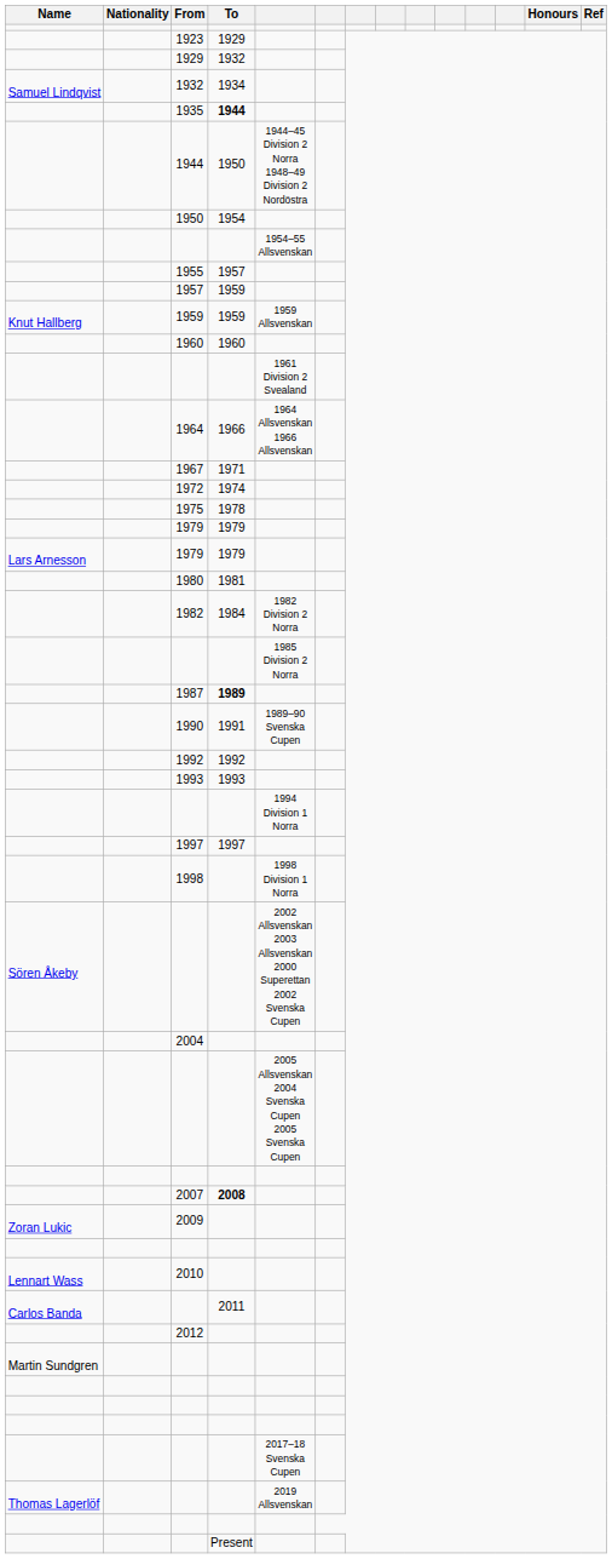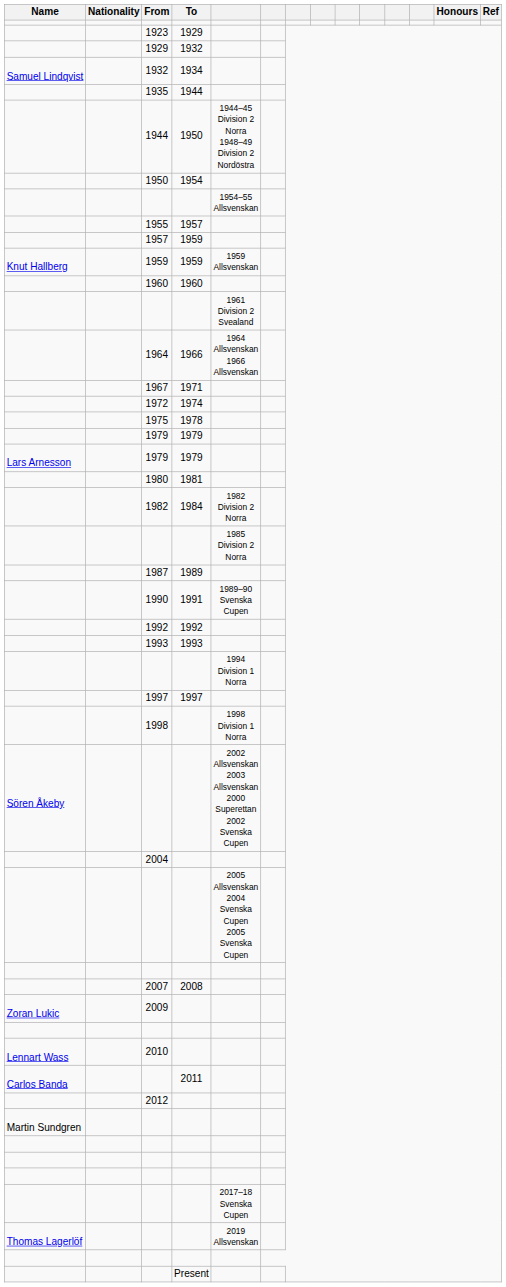 <table class="wikitable plainrowheaders sortable" style="text-align:center;">
 <tr>
 <th>Name</th>
 <th>Nationality</th>
 <th>From</th>
 <th>To</th>
 <th style="width:2em"></th>
 <th style="width:2em"></th>
 <th style="width:2em"></th>
 <th style="width:2em"></th>
 <th style="width:2em"></th>
 <th style="width:2em"></th>
 <th style="width:2em"></th>
 <th style="width:2em"></th>
 <th>Honours</th>
 <th class=unsortable>Ref</th>
 </tr>
 <tr>
 <td align=left></td>
 <td align=left></td>
 <td></td>
 <td></td>
 <td></td>
 <td></td>
 <td></td>
 <td></td>
 <td></td>
 <td></td>
 <td></td>
 <td></td>
 <td></td>
 <td></td>
 </tr>
 <tr>
 <td align=left></td>
 <td align=left></td>
 <td>1923</td>
 <td>1929<br></td>
 <td></td>
 <td></td>
 </tr>
 <tr>
 <td align=left></td>
 <td align=left></td>
 <td>1929</td>
 <td>1932<br></td>
 <td></td>
 <td></td>
 </tr>
 <tr>
 <td align=left><br><a href='#'>Samuel Lindqvist</a></td>
 <td align=left><br></td>
 <td>1932</td>
 <td>1934<br></td>
 <td></td>
 <td></td>
 </tr>
 <tr>
 <td align=left></td>
 <td align=left></td>
 <td>1935</td>
-<td><strong>1944<br></strong></td>
+<td>1944<br></td>
 <td></td>
 <td></td>
 </tr>
 <tr>
 <td align=left></td>
 <td align=left></td>
 <td>1944</td>
 <td>1950<br></td>
 <td><small>1944–45 Division 2 Norra<br>1948–49 Division 2 Nordöstra</small></td>
 <td></td>
 </tr>
 <tr>
 <td align=left></td>
 <td align=left></td>
 <td>1950</td>
 <td>1954<br></td>
 <td></td>
 <td></td>
 </tr>
 <tr>
 <td align=left></td>
 <td align=left></td>
 <td></td>
 <td><br></td>
 <td><small>1954–55 Allsvenskan</small></td>
 <td></td>
 </tr>
 <tr>
 <td align=left></td>
 <td align=left></td>
 <td>1955</td>
 <td>1957<br></td>
 <td></td>
 <td></td>
 </tr>
 <tr>
 <td align=left></td>
 <td align=left></td>
 <td>1957</td>
 <td>1959<br></td>
 <td></td>
 <td></td>
 </tr>
 <tr>
 <td align=left><br><a href='#'>Knut Hallberg</a></td>
 <td align=left><br></td>
 <td>1959</td>
 <td>1959<br></td>
 <td><small>1959 Allsvenskan</small></td>
 <td></td>
 </tr>
 <tr>
 <td align=left></td>
 <td align=left></td>
 <td>1960</td>
 <td>1960<br></td>
 <td></td>
 <td></td>
 </tr>
 <tr>
 <td align=left></td>
 <td align=left></td>
 <td></td>
 <td><br></td>
 <td><small>1961 Division 2 Svealand</small></td>
 <td></td>
 </tr>
 <tr>
 <td align=left></td>
 <td align=left></td>
 <td>1964</td>
 <td>1966<br></td>
 <td><small>1964 Allsvenskan<br>1966 Allsvenskan</small></td>
 <td></td>
 </tr>
 <tr>
 <td align=left></td>
 <td align=left></td>
 <td>1967</td>
 <td>1971<br></td>
 <td></td>
 <td></td>
 </tr>
 <tr>
 <td align=left></td>
 <td align=left></td>
 <td>1972</td>
 <td>1974<br></td>
 <td></td>
 <td></td>
 </tr>
 <tr>
 <td align=left></td>
 <td align=left></td>
 <td>1975</td>
 <td>1978<br></td>
 <td></td>
 <td></td>
 </tr>
 <tr>
 <td align=left></td>
 <td align=left></td>
 <td>1979</td>
 <td>1979<br></td>
 <td></td>
 <td></td>
 </tr>
 <tr>
 <td align=left><br><a href='#'>Lars Arnesson</a></td>
 <td align=left><br></td>
 <td>1979</td>
 <td>1979<br></td>
 <td></td>
 <td></td>
 </tr>
 <tr>
 <td align=left></td>
 <td align=left></td>
 <td>1980</td>
 <td>1981<br></td>
 <td></td>
 <td></td>
 </tr>
 <tr>
 <td align=left></td>
 <td align=left></td>
 <td>1982</td>
 <td>1984<br></td>
 <td><small>1982 Division 2 Norra</small></td>
 <td></td>
 </tr>
 <tr>
 <td align=left></td>
 <td align=left></td>
 <td></td>
 <td><br></td>
 <td><small>1985 Division 2 Norra</small></td>
 <td></td>
 </tr>
 <tr>
 <td align=left></td>
 <td align=left></td>
 <td>1987</td>
-<td><strong>1989<br></strong></td>
+<td>1989<br></td>
 <td></td>
 <td></td>
 </tr>
 <tr>
 <td align=left></td>
 <td align=left></td>
 <td>1990</td>
 <td>1991<br></td>
 <td><small>1989–90 Svenska Cupen</small></td>
 <td></td>
 </tr>
 <tr>
 <td align=left></td>
 <td align=left></td>
 <td>1992</td>
 <td>1992<br></td>
 <td></td>
 <td></td>
 </tr>
 <tr>
 <td align=left></td>
 <td align=left></td>
 <td>1993</td>
 <td>1993<br></td>
 <td></td>
 <td></td>
 </tr>
 <tr>
 <td align=left></td>
 <td align=left></td>
 <td></td>
 <td><br></td>
 <td><small>1994 Division 1 Norra</small></td>
 <td></td>
 </tr>
 <tr>
 <td align=left></td>
 <td align=left></td>
 <td>1997</td>
 <td>1997<br></td>
 <td></td>
 <td></td>
 </tr>
 <tr>
 <td align=left></td>
 <td align=left></td>
 <td>1998</td>
 <td><br></td>
 <td><small>1998 Division 1 Norra</small></td>
 <td></td>
 </tr>
 <tr>
 <td align=left><br><a href='#'>Sören Åkeby</a></td>
 <td align=left><br></td>
 <td></td>
 <td><br></td>
 <td><small>2002 Allsvenskan<br>2003 Allsvenskan<br>2000 Superettan<br>2002 Svenska Cupen</small></td>
 <td></td>
 </tr>
 <tr>
 <td align=left></td>
 <td align=left></td>
 <td>2004</td>
 <td><br></td>
 <td></td>
 <td></td>
 </tr>
 <tr>
 <td align=left></td>
 <td align=left></td>
 <td></td>
 <td><br></td>
 <td><small>2005 Allsvenskan<br>2004 Svenska Cupen<br>2005 Svenska Cupen</small></td>
 <td></td>
 </tr>
 <tr>
 <td align=left></td>
 <td align=left></td>
 <td></td>
 <td><br></td>
 <td></td>
 <td></td>
 </tr>
 <tr>
 <td align=left></td>
 <td align=left></td>
 <td>2007</td>
-<td><strong>2008<br></strong></td>
+<td>2008<br></td>
 <td></td>
 <td></td>
 </tr>
 <tr>
 <td align=left><br><a href='#'>Zoran Lukic</a></td>
 <td align=left><br></td>
 <td>2009</td>
 <td><br></td>
 <td></td>
 <td></td>
 </tr>
 <tr>
 <td align=left></td>
 <td align=left></td>
 <td></td>
 <td><br></td>
 <td></td>
 <td><br></td>
 </tr>
 <tr>
 <td align=left><br><a href='#'>Lennart Wass</a></td>
 <td align=left><br></td>
 <td>2010</td>
 <td><br></td>
 <td></td>
 <td></td>
 </tr>
 <tr>
 <td align=left><br><a href='#'>Carlos Banda</a></td>
 <td align=left><br></td>
 <td></td>
 <td>2011<br></td>
 <td></td>
 <td></td>
 </tr>
 <tr>
 <td align=left></td>
 <td align=left></td>
 <td>2012</td>
 <td><br></td>
 <td></td>
 <td></td>
 </tr>
 <tr>
 <td align=left><br>Martin Sundgren</td>
 <td align=left><br></td>
 <td></td>
 <td><br></td>
 <td></td>
 <td><br></td>
 </tr>
 <tr>
 <td align=left></td>
 <td align=left></td>
 <td></td>
 <td><br></td>
 <td></td>
 <td></td>
 </tr>
 <tr>
 <td align=left></td>
 <td align=left></td>
 <td></td>
 <td><br></td>
 <td></td>
 <td></td>
 </tr>
 <tr>
 <td align=left></td>
 <td align=left></td>
 <td></td>
 <td><br></td>
 <td></td>
 <td></td>
 </tr>
 <tr>
 <td align=left></td>
 <td align=left></td>
 <td></td>
 <td><br></td>
 <td><small>2017–18 Svenska Cupen</small></td>
 <td></td>
 </tr>
 <tr>
 <td align=left><br><a href='#'>Thomas Lagerlöf</a></td>
 <td align=left><br></td>
 <td></td>
 <td><br></td>
 <td><small>2019 Allsvenskan</small></td>
 <td></td>
 </tr>
 <tr>
 <td align=left></td>
 <td align=left></td>
 <td></td>
 <td><br></td>
 <td></td>
 </tr>
 <tr>
 <td align=left></td>
 <td align=left></td>
 <td></td>
 <td>Present<br></td>
 <td></td>
 <td></td>
 </tr>
 </table>
